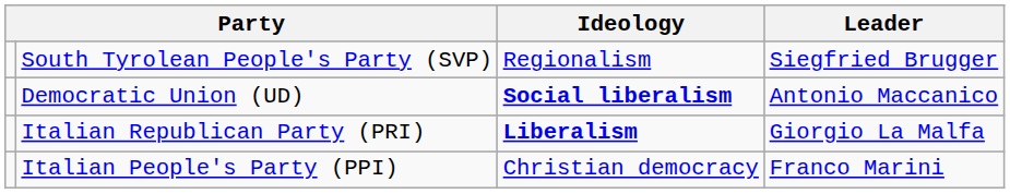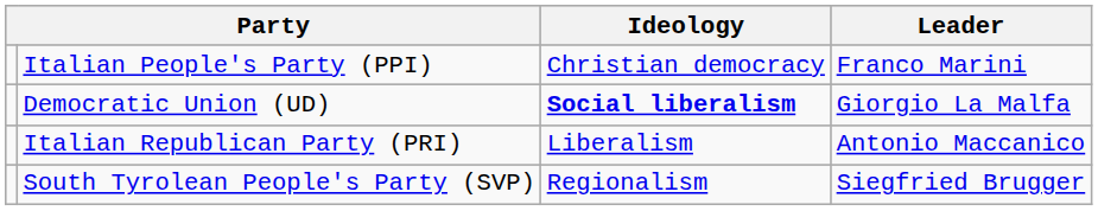 <table class=wikitable style=text-align:left>
 <tr>
 <th colspan=2>Party</th>
 <th>Ideology</th>
 <th>Leader</th>
 </tr>
 <tr>
 <td></td>
-<td><a href='#'>South Tyrolean People's Party</a> (SVP)</td>
-<td><a href='#'>Regionalism</a></td>
-<td><a href='#'>Siegfried Brugger</a></td>
+<td><a href='#'>Italian People's Party</a> (PPI)</td>
+<td><a href='#'>Christian democracy</a></td>
+<td><a href='#'>Franco Marini</a></td>
 </tr>
 <tr>
 <td></td>
 <td><a href='#'>Democratic Union</a> (UD)</td>
 <td><strong><a href='#'>Social liberalism</a></strong></td>
+<td><a href='#'>Giorgio La Malfa</a></td>
+</tr>
+<tr>
+<td></td>
+<td><a href='#'>Italian Republican Party</a> (PRI)</td>
+<td><a href='#'>Liberalism</a></td>
 <td><a href='#'>Antonio Maccanico</a></td>
 </tr>
 <tr>
 <td></td>
-<td><a href='#'>Italian Republican Party</a> (PRI)</td>
-<td><strong><a href='#'>Liberalism</a></strong></td>
-<td><a href='#'>Giorgio La Malfa</a></td>
-</tr>
-<tr>
-<td></td>
-<td><a href='#'>Italian People's Party</a> (PPI)</td>
-<td><a href='#'>Christian democracy</a></td>
-<td><a href='#'>Franco Marini</a></td>
+<td><a href='#'>South Tyrolean People's Party</a> (SVP)</td>
+<td><a href='#'>Regionalism</a></td>
+<td><a href='#'>Siegfried Brugger</a></td>
 </tr>
 </table>
